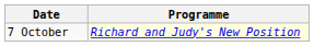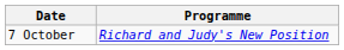 <table class="wikitable">
 <tr>
 <th width=90>Date</th>
 <th width=250>Programme</th>
 </tr>
 <tr>
 <td>7 October</td>
-<td style="background: lightyellow;"><em><a href='#'>Richard and Judy's New Position</a></em></td>
+<td><em><a href='#'>Richard and Judy's New Position</a></em></td>
 </tr>
 </table>
